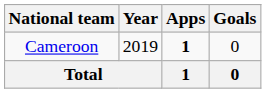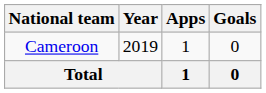 <table class="wikitable" style="text-align:center">
 <tr>
 <th>National team</th>
 <th>Year</th>
 <th>Apps</th>
 <th>Goals</th>
 </tr>
 <tr>
 <td rowspan="1"><a href='#'>Cameroon</a></td>
 <td>2019</td>
-<td><strong>1</strong></td>
+<td>1</td>
 <td>0</td>
 </tr>
 <tr>
 <th colspan=2>Total</th>
 <th>1</th>
 <th>0</th>
 </tr>
 </table>
